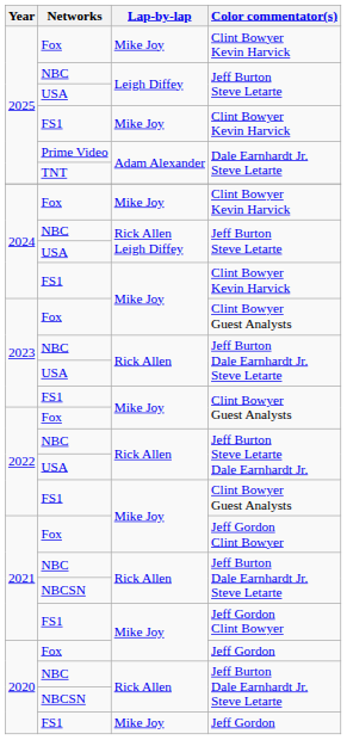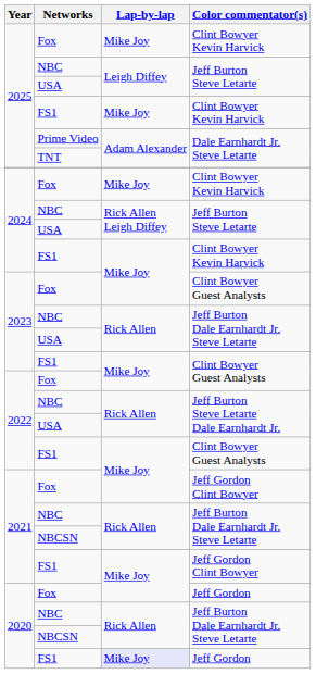 <table class=wikitable>
 <tr>
 <th>Year</th>
 <th>Networks</th>
 <th><a href='#'>Lap-by-lap</a></th>
 <th><a href='#'>Color commentator(s)</a></th>
 </tr>
 <tr>
 <td rowspan="6" nowrap=""><a href='#'>2025</a></td>
 <td><a href='#'>Fox</a></td>
 <td><a href='#'>Mike Joy</a></td>
 <td><a href='#'>Clint Bowyer</a><br><a href='#'>Kevin Harvick</a></td>
 </tr>
 <tr>
 <td><a href='#'>NBC</a></td>
 <td rowspan=2><a href='#'>Leigh Diffey</a></td>
 <td rowspan=2><a href='#'>Jeff Burton</a><br><a href='#'>Steve Letarte</a></td>
 </tr>
 <tr>
 <td><a href='#'>USA</a></td>
 </tr>
 <tr>
 <td><a href='#'>FS1</a></td>
 <td><a href='#'>Mike Joy</a></td>
 <td><a href='#'>Clint Bowyer</a><br><a href='#'>Kevin Harvick</a></td>
 </tr>
 <tr>
 <td><a href='#'>Prime Video</a></td>
 <td rowspan=2><a href='#'>Adam Alexander</a></td>
 <td rowspan=2><a href='#'>Dale Earnhardt Jr.</a><br><a href='#'>Steve Letarte</a></td>
 </tr>
 <tr>
 <td><a href='#'>TNT</a></td>
 </tr>
 <tr>
 </tr>
 <tr>
 <td rowspan="4" nowrap=""><a href='#'>2024</a></td>
 <td><a href='#'>Fox</a></td>
 <td><a href='#'>Mike Joy</a></td>
 <td><a href='#'>Clint Bowyer</a><br><a href='#'>Kevin Harvick</a></td>
 </tr>
 <tr>
 <td><a href='#'>NBC</a></td>
 <td rowspan=2><a href='#'>Rick Allen</a><br><a href='#'>Leigh Diffey</a></td>
 <td rowspan=2><a href='#'>Jeff Burton</a><br><a href='#'>Steve Letarte</a></td>
 </tr>
 <tr>
 <td><a href='#'>USA</a></td>
 </tr>
 <tr>
 <td><a href='#'>FS1</a></td>
 <td rowspan=2><a href='#'>Mike Joy</a></td>
 <td><a href='#'>Clint Bowyer</a><br><a href='#'>Kevin Harvick</a></td>
 </tr>
 <tr>
 <td rowspan="4" nowrap=""><a href='#'>2023</a></td>
 <td><a href='#'>Fox</a></td>
 <td><a href='#'>Clint Bowyer</a><br>Guest Analysts</td>
 </tr>
 <tr>
 <td><a href='#'>NBC</a></td>
 <td rowspan=2><a href='#'>Rick Allen</a></td>
 <td rowspan=2><a href='#'>Jeff Burton</a><br><a href='#'>Dale Earnhardt Jr.</a><br><a href='#'>Steve Letarte</a></td>
 </tr>
 <tr>
 <td><a href='#'>USA</a></td>
 </tr>
 <tr>
 <td><a href='#'>FS1</a></td>
 <td rowspan=2><a href='#'>Mike Joy</a></td>
 <td rowspan=2><a href='#'>Clint Bowyer</a><br>Guest Analysts</td>
 </tr>
 <tr>
 <td rowspan="4" nowrap=""><a href='#'>2022</a></td>
 <td><a href='#'>Fox</a></td>
 </tr>
 <tr>
 <td><a href='#'>NBC</a></td>
 <td rowspan=2><a href='#'>Rick Allen</a></td>
 <td rowspan=2><a href='#'>Jeff Burton</a><br><a href='#'>Steve Letarte</a><br><a href='#'>Dale Earnhardt Jr.</a></td>
 </tr>
 <tr>
 <td><a href='#'>USA</a></td>
 </tr>
 <tr>
 <td><a href='#'>FS1</a></td>
 <td rowspan=2><a href='#'>Mike Joy</a></td>
 <td><a href='#'>Clint Bowyer</a><br>Guest Analysts</td>
 </tr>
 <tr>
 <td rowspan="4" nowrap=""><a href='#'>2021</a></td>
 <td><a href='#'>Fox</a></td>
 <td><a href='#'>Jeff Gordon</a><br><a href='#'>Clint Bowyer</a></td>
 </tr>
 <tr>
 <td><a href='#'>NBC</a></td>
 <td rowspan=2><a href='#'>Rick Allen</a></td>
 <td rowspan=2><a href='#'>Jeff Burton</a><br><a href='#'>Dale Earnhardt Jr.</a><br><a href='#'>Steve Letarte</a></td>
 </tr>
 <tr>
 <td><a href='#'>NBCSN</a></td>
 </tr>
 <tr>
 <td><a href='#'>FS1</a></td>
 <td rowspan=2><a href='#'>Mike Joy</a></td>
 <td><a href='#'>Jeff Gordon</a><br><a href='#'>Clint Bowyer</a></td>
 </tr>
 <tr>
 <td rowspan="4" nowrap=""><a href='#'>2020</a></td>
 <td><a href='#'>Fox</a></td>
 <td><a href='#'>Jeff Gordon</a></td>
 </tr>
 <tr>
 <td><a href='#'>NBC</a></td>
 <td rowspan=2><a href='#'>Rick Allen</a></td>
 <td rowspan=2><a href='#'>Jeff Burton</a><br><a href='#'>Dale Earnhardt Jr.</a><br><a href='#'>Steve Letarte</a></td>
 </tr>
 <tr>
 <td><a href='#'>NBCSN</a></td>
 </tr>
 <tr>
 <td><a href='#'>FS1</a></td>
-<td><a href='#'>Mike Joy</a></td>
+<td style="background: lavender;"><a href='#'>Mike Joy</a></td>
 <td><a href='#'>Jeff Gordon</a></td>
 </tr>
 </table>
